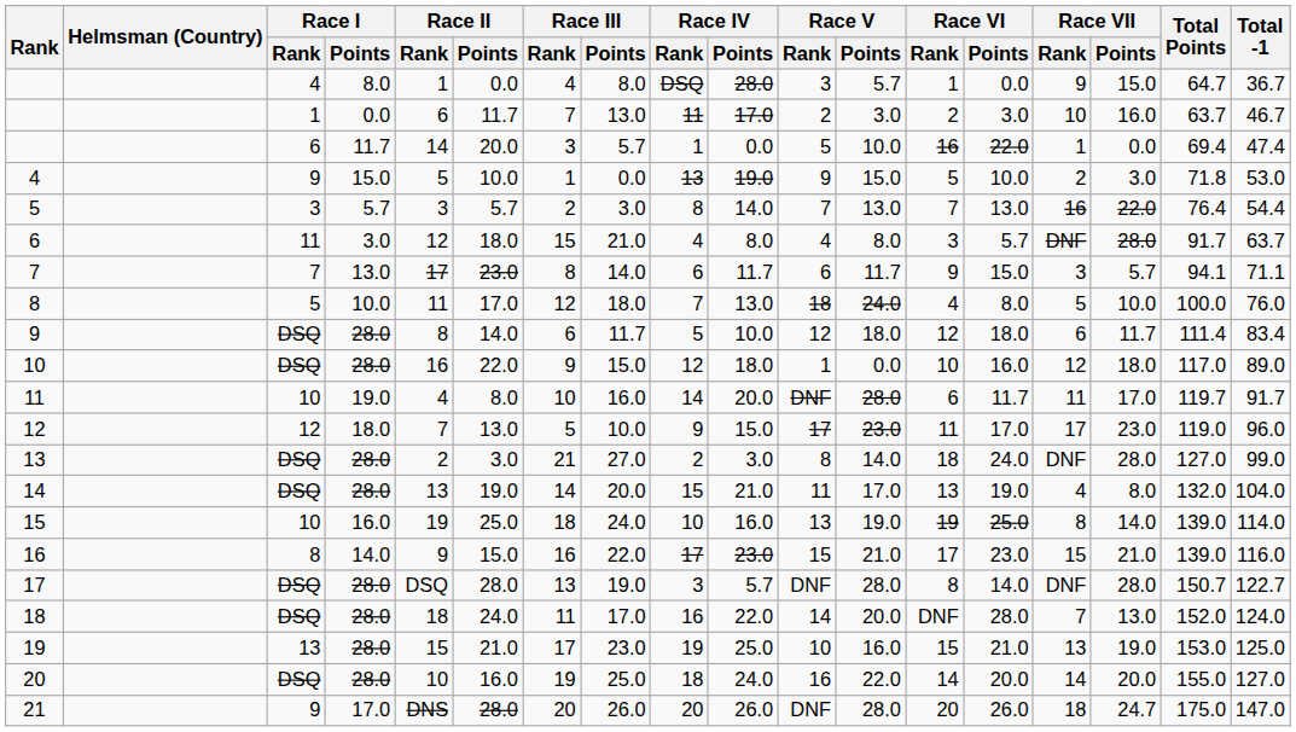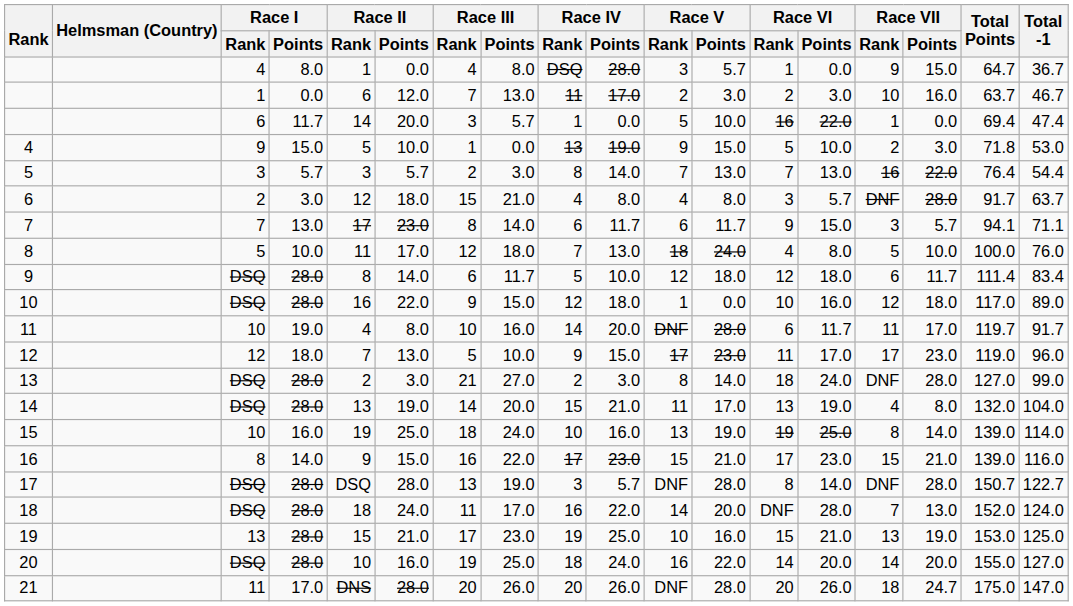 <table class="wikitable" style="text-align:right; font-size:90%">
 <tr>
 <th rowspan="2"><br>Rank</th>
 <th rowspan="2">Helmsman (Country)</th>
 <th colspan="2">Race I</th>
 <th colspan="2">Race II</th>
 <th colspan="2">Race III</th>
 <th colspan="2">Race IV</th>
 <th colspan="2">Race V</th>
 <th colspan="2">Race VI</th>
 <th colspan="2">Race VII</th>
 <th rowspan="2">Total <br>Points <br> </th>
 <th rowspan="2">Total<br>-1<br> </th>
 </tr>
 <tr>
 <th>Rank</th>
 <th>Points</th>
 <th>Rank</th>
 <th>Points</th>
 <th>Rank</th>
 <th>Points</th>
 <th>Rank</th>
 <th>Points</th>
 <th>Rank</th>
 <th>Points</th>
 <th>Rank</th>
 <th>Points</th>
 <th>Rank</th>
 <th>Points</th>
 </tr>
 <tr>
 <td align=center></td>
 <td align=left></td>
 <td>4</td>
 <td>8.0</td>
 <td>1</td>
 <td>0.0</td>
 <td>4</td>
 <td>8.0</td>
 <td><s>DSQ</s></td>
 <td><s>28.0</s></td>
 <td>3</td>
 <td>5.7</td>
 <td>1</td>
 <td>0.0</td>
 <td>9</td>
 <td>15.0</td>
 <td>64.7</td>
 <td>36.7</td>
 </tr>
 <tr>
 <td align=center></td>
 <td align=left></td>
 <td>1</td>
 <td>0.0</td>
 <td>6</td>
-<td>11.7</td>
+<td>12.0</td>
 <td>7</td>
 <td>13.0</td>
 <td><s>11</s></td>
 <td><s>17.0</s></td>
 <td>2</td>
 <td>3.0</td>
 <td>2</td>
 <td>3.0</td>
 <td>10</td>
 <td>16.0</td>
 <td>63.7</td>
 <td>46.7</td>
 </tr>
 <tr>
 <td align=center></td>
 <td align=left></td>
 <td>6</td>
 <td>11.7</td>
 <td>14</td>
 <td>20.0</td>
 <td>3</td>
 <td>5.7</td>
 <td>1</td>
 <td>0.0</td>
 <td>5</td>
 <td>10.0</td>
 <td><s>16</s></td>
 <td><s>22.0</s></td>
 <td>1</td>
 <td>0.0</td>
 <td>69.4</td>
 <td>47.4</td>
 </tr>
 <tr>
 <td align=center>4</td>
 <td align=left></td>
 <td>9</td>
 <td>15.0</td>
 <td>5</td>
 <td>10.0</td>
 <td>1</td>
 <td>0.0</td>
 <td><s>13</s></td>
 <td><s>19.0</s></td>
 <td>9</td>
 <td>15.0</td>
 <td>5</td>
 <td>10.0</td>
 <td>2</td>
 <td>3.0</td>
 <td>71.8</td>
 <td>53.0</td>
 </tr>
 <tr>
 <td align=center>5</td>
 <td align=left></td>
 <td>3</td>
 <td>5.7</td>
 <td>3</td>
 <td>5.7</td>
 <td>2</td>
 <td>3.0</td>
 <td>8</td>
 <td>14.0</td>
 <td>7</td>
 <td>13.0</td>
 <td>7</td>
 <td>13.0</td>
 <td><s>16</s></td>
 <td><s>22.0</s></td>
 <td>76.4</td>
 <td>54.4</td>
 </tr>
 <tr>
 <td align=center>6</td>
 <td align=left></td>
-<td>11</td>
+<td>2</td>
 <td>3.0</td>
 <td>12</td>
 <td>18.0</td>
 <td>15</td>
 <td>21.0</td>
 <td>4</td>
 <td>8.0</td>
 <td>4</td>
 <td>8.0</td>
 <td>3</td>
 <td>5.7</td>
 <td><s>DNF</s></td>
 <td><s>28.0</s></td>
 <td>91.7</td>
 <td>63.7</td>
 </tr>
 <tr>
 <td align=center>7</td>
 <td align=left></td>
 <td>7</td>
 <td>13.0</td>
 <td><s>17</s></td>
 <td><s>23.0</s></td>
 <td>8</td>
 <td>14.0</td>
 <td>6</td>
 <td>11.7</td>
 <td>6</td>
 <td>11.7</td>
 <td>9</td>
 <td>15.0</td>
 <td>3</td>
 <td>5.7</td>
 <td>94.1</td>
 <td>71.1</td>
 </tr>
 <tr>
 <td align=center>8</td>
 <td align=left></td>
 <td>5</td>
 <td>10.0</td>
 <td>11</td>
 <td>17.0</td>
 <td>12</td>
 <td>18.0</td>
 <td>7</td>
 <td>13.0</td>
 <td><s>18</s></td>
 <td><s>24.0</s></td>
 <td>4</td>
 <td>8.0</td>
 <td>5</td>
 <td>10.0</td>
 <td>100.0</td>
 <td>76.0</td>
 </tr>
 <tr>
 <td align=center>9</td>
 <td align=left></td>
 <td><s>DSQ</s></td>
 <td><s>28.0</s></td>
 <td>8</td>
 <td>14.0</td>
 <td>6</td>
 <td>11.7</td>
 <td>5</td>
 <td>10.0</td>
 <td>12</td>
 <td>18.0</td>
 <td>12</td>
 <td>18.0</td>
 <td>6</td>
 <td>11.7</td>
 <td>111.4</td>
 <td>83.4</td>
 </tr>
 <tr>
 <td align=center>10</td>
 <td align=left></td>
 <td><s>DSQ</s></td>
 <td><s>28.0</s></td>
 <td>16</td>
 <td>22.0</td>
 <td>9</td>
 <td>15.0</td>
 <td>12</td>
 <td>18.0</td>
 <td>1</td>
 <td>0.0</td>
 <td>10</td>
 <td>16.0</td>
 <td>12</td>
 <td>18.0</td>
 <td>117.0</td>
 <td>89.0</td>
 </tr>
 <tr>
 <td align=center>11</td>
 <td align=left></td>
 <td>10</td>
 <td>19.0</td>
 <td>4</td>
 <td>8.0</td>
 <td>10</td>
 <td>16.0</td>
 <td>14</td>
 <td>20.0</td>
 <td><s>DNF</s></td>
 <td><s>28.0</s></td>
 <td>6</td>
 <td>11.7</td>
 <td>11</td>
 <td>17.0</td>
 <td>119.7</td>
 <td>91.7</td>
 </tr>
 <tr>
 <td align=center>12</td>
 <td align=left></td>
 <td>12</td>
 <td>18.0</td>
 <td>7</td>
 <td>13.0</td>
 <td>5</td>
 <td>10.0</td>
 <td>9</td>
 <td>15.0</td>
 <td><s>17</s></td>
 <td><s>23.0</s></td>
 <td>11</td>
 <td>17.0</td>
 <td>17</td>
 <td>23.0</td>
 <td>119.0</td>
 <td>96.0</td>
 </tr>
 <tr>
 <td align=center>13</td>
 <td align=left></td>
 <td><s>DSQ</s></td>
 <td><s>28.0</s></td>
 <td>2</td>
 <td>3.0</td>
 <td>21</td>
 <td>27.0</td>
 <td>2</td>
 <td>3.0</td>
 <td>8</td>
 <td>14.0</td>
 <td>18</td>
 <td>24.0</td>
 <td>DNF</td>
 <td>28.0</td>
 <td>127.0</td>
 <td>99.0</td>
 </tr>
 <tr>
 <td align=center>14</td>
 <td align=left></td>
 <td><s>DSQ</s></td>
 <td><s>28.0</s></td>
 <td>13</td>
 <td>19.0</td>
 <td>14</td>
 <td>20.0</td>
 <td>15</td>
 <td>21.0</td>
 <td>11</td>
 <td>17.0</td>
 <td>13</td>
 <td>19.0</td>
 <td>4</td>
 <td>8.0</td>
 <td>132.0</td>
 <td>104.0</td>
 </tr>
 <tr>
 <td align=center>15</td>
 <td align=left></td>
 <td>10</td>
 <td>16.0</td>
 <td>19</td>
 <td>25.0</td>
 <td>18</td>
 <td>24.0</td>
 <td>10</td>
 <td>16.0</td>
 <td>13</td>
 <td>19.0</td>
 <td><s>19</s></td>
 <td><s>25.0</s></td>
 <td>8</td>
 <td>14.0</td>
 <td>139.0</td>
 <td>114.0</td>
 </tr>
 <tr>
 <td align=center>16</td>
 <td align=left></td>
 <td>8</td>
 <td>14.0</td>
 <td>9</td>
 <td>15.0</td>
 <td>16</td>
 <td>22.0</td>
 <td><s>17</s></td>
 <td><s>23.0</s></td>
 <td>15</td>
 <td>21.0</td>
 <td>17</td>
 <td>23.0</td>
 <td>15</td>
 <td>21.0</td>
 <td>139.0</td>
 <td>116.0</td>
 </tr>
 <tr>
 <td align=center>17</td>
 <td align=left></td>
 <td><s>DSQ</s></td>
 <td><s>28.0</s></td>
 <td>DSQ</td>
 <td>28.0</td>
 <td>13</td>
 <td>19.0</td>
 <td>3</td>
 <td>5.7</td>
 <td>DNF</td>
 <td>28.0</td>
 <td>8</td>
 <td>14.0</td>
 <td>DNF</td>
 <td>28.0</td>
 <td>150.7</td>
 <td>122.7</td>
 </tr>
 <tr>
 <td align=center>18</td>
 <td align=left></td>
 <td><s>DSQ</s></td>
 <td><s>28.0</s></td>
 <td>18</td>
 <td>24.0</td>
 <td>11</td>
 <td>17.0</td>
 <td>16</td>
 <td>22.0</td>
 <td>14</td>
 <td>20.0</td>
 <td>DNF</td>
 <td>28.0</td>
 <td>7</td>
 <td>13.0</td>
 <td>152.0</td>
 <td>124.0</td>
 </tr>
 <tr>
 <td align=center>19</td>
 <td align=left></td>
 <td>13</td>
 <td><s>28.0</s></td>
 <td>15</td>
 <td>21.0</td>
 <td>17</td>
 <td>23.0</td>
 <td>19</td>
 <td>25.0</td>
 <td>10</td>
 <td>16.0</td>
 <td>15</td>
 <td>21.0</td>
 <td>13</td>
 <td>19.0</td>
 <td>153.0</td>
 <td>125.0</td>
 </tr>
 <tr>
 <td align=center>20</td>
 <td align=left></td>
 <td><s>DSQ</s></td>
 <td><s>28.0</s></td>
 <td>10</td>
 <td>16.0</td>
 <td>19</td>
 <td>25.0</td>
 <td>18</td>
 <td>24.0</td>
 <td>16</td>
 <td>22.0</td>
 <td>14</td>
 <td>20.0</td>
 <td>14</td>
 <td>20.0</td>
 <td>155.0</td>
 <td>127.0</td>
 </tr>
 <tr>
 <td align=center>21</td>
 <td align=left></td>
-<td>9</td>
+<td>11</td>
 <td>17.0</td>
 <td><s>DNS</s></td>
 <td><s>28.0</s></td>
 <td>20</td>
 <td>26.0</td>
 <td>20</td>
 <td>26.0</td>
 <td>DNF</td>
 <td>28.0</td>
 <td>20</td>
 <td>26.0</td>
 <td>18</td>
 <td>24.7</td>
 <td>175.0</td>
 <td>147.0</td>
 </tr>
 </table>
